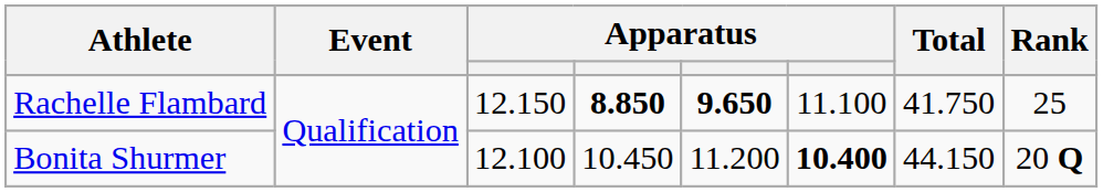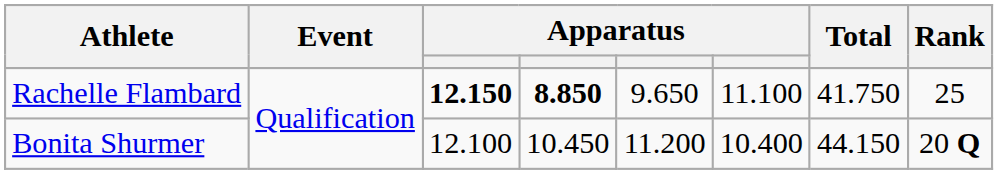 <table class="wikitable" style="font-size:90%">
 <tr>
 <th rowspan=2>Athlete</th>
 <th rowspan=2>Event</th>
 <th colspan=4>Apparatus</th>
 <th rowspan=2>Total</th>
 <th rowspan=2>Rank</th>
 </tr>
 <tr style="font-size:95%">
 <th></th>
 <th></th>
 <th></th>
 <th></th>
 </tr>
 <tr align=center>
 <td align=left><a href='#'>Rachelle Flambard</a></td>
 <td align=left rowspan=2><a href='#'>Qualification</a></td>
-<td>12.150</td>
+<td><strong>12.150</strong></td>
 <td><strong>8.850</strong></td>
-<td><strong>9.650</strong></td>
+<td>9.650</td>
 <td>11.100</td>
 <td>41.750</td>
 <td>25 </td>
 </tr>
 <tr align=center>
 <td align=left><a href='#'>Bonita Shurmer</a></td>
 <td>12.100</td>
 <td>10.450</td>
 <td>11.200</td>
-<td><strong>10.400</strong></td>
+<td>10.400</td>
 <td>44.150</td>
 <td>20 <strong>Q</strong></td>
 </tr>
 </table>
